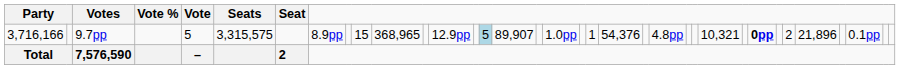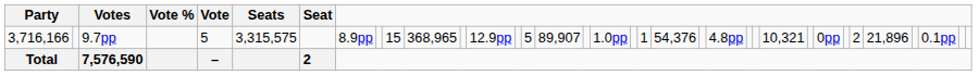 <table class=wikitable style="text-align:right;">
 <tr>
 <th colspan=2>Party</th>
 <th>Votes</th>
 <th>Vote %</th>
 <th>Vote </th>
 <th>Seats</th>
 <th>Seat </th>
 </tr>
 <tr>
 <td>3,716,166</td>
 <td style="text-align:center;"></td>
 <td style="text-align:left;"> 9.7<a href='#'>pp</a></td>
 <td style="text-align:center;"></td>
 <td style="text-align:left;"> 5<br></td>
 <td>3,315,575</td>
 <td style="text-align:center;"></td>
 <td style="text-align:left;"> 8.9<a href='#'>pp</a></td>
 <td style="text-align:center;"></td>
 <td style="text-align:left;"> 15<br></td>
 <td>368,965</td>
 <td style="text-align:center;"></td>
 <td style="text-align:left;"> 12.9<a href='#'>pp</a></td>
 <td style="text-align:center;"></td>
-<td style="background: lightblue; text-align:left;"> 5<br></td>
+<td style="text-align:left;"> 5<br></td>
 <td>89,907</td>
 <td style="text-align:center;"></td>
 <td style="text-align:left;"> 1.0<a href='#'>pp</a></td>
 <td style="text-align:center;"></td>
 <td style="text-align:left;"> 1<br></td>
 <td>54,376</td>
 <td style="text-align:center;"></td>
 <td style="text-align:left;"> 4.8<a href='#'>pp</a></td>
 <td style="text-align:center;"></td>
 <td style="text-align:left;"><br></td>
 <td>10,321</td>
 <td style="text-align:center;"></td>
-<td style="text-align:left;"><strong> 0<a href='#'>pp</a></strong></td>
+<td style="text-align:left;"> 0<a href='#'>pp</a></td>
 <td style="text-align:center;"></td>
 <td style="text-align:left;"> 2<br></td>
 <td>21,896</td>
 <td style="text-align:center;"></td>
 <td style="text-align:left;"> 0.1<a href='#'>pp</a></td>
 <td style="text-align:center;"></td>
 <td style="text-align:left;"></td>
 </tr>
 <tr>
 <th colspan="2">Total</th>
 <th>7,576,590</th>
 <th></th>
 <th>–</th>
 <th></th>
 <th style="text-align:left;"> 2</th>
 </tr>
 </table>
